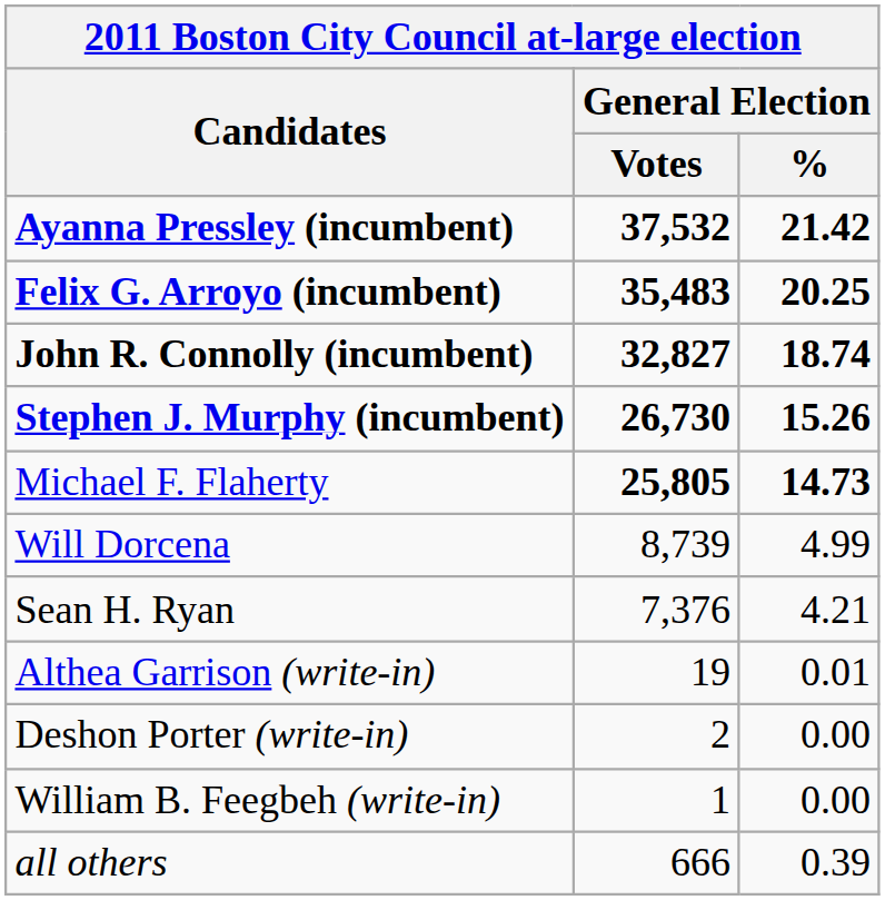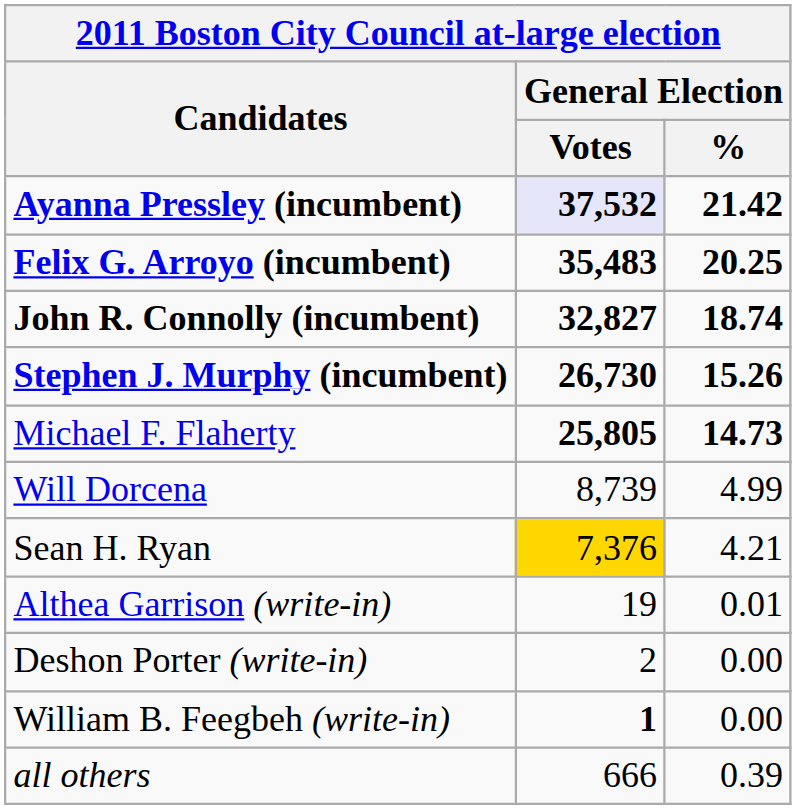 <table class=wikitable>
 <tr>
 <th colspan=3><a href='#'>2011 Boston City Council at-large election</a></th>
 </tr>
 <tr>
 <th colspan=1 rowspan=2><strong>Candidates</strong></th>
 <th colspan=2><strong>General Election</strong></th>
 </tr>
 <tr>
 <th>Votes</th>
 <th>%</th>
 </tr>
 <tr>
 <td><strong><a href='#'>Ayanna Pressley</a> (incumbent)</strong></td>
-<td align="right"><strong>37,532</strong></td>
+<td align="right" style="background: lavender;"><strong>37,532</strong></td>
 <td align="right"><strong>21.42</strong></td>
 </tr>
 <tr>
 <td><strong><a href='#'>Felix G. Arroyo</a> (incumbent)</strong></td>
 <td align="right"><strong>35,483</strong></td>
 <td align="right"><strong>20.25</strong></td>
 </tr>
 <tr>
 <td><strong>John R. Connolly (incumbent)</strong></td>
 <td align="right"><strong>32,827</strong></td>
 <td align="right"><strong>18.74</strong></td>
 </tr>
 <tr>
 <td><strong><a href='#'>Stephen J. Murphy</a> (incumbent)</strong></td>
 <td align="right"><strong>26,730</strong></td>
 <td align="right"><strong>15.26</strong></td>
 </tr>
 <tr>
 <td><a href='#'>Michael F. Flaherty</a></td>
 <td align="right"><strong>25,805</strong></td>
 <td align="right"><strong>14.73</strong></td>
 </tr>
 <tr>
 <td><a href='#'>Will Dorcena</a></td>
 <td align="right">8,739</td>
 <td align="right">4.99</td>
 </tr>
 <tr>
 <td>Sean H. Ryan</td>
-<td align="right">7,376</td>
+<td align="right" style="background: gold;">7,376</td>
 <td align="right">4.21</td>
 </tr>
 <tr>
 <td><a href='#'>Althea Garrison</a> <em>(write-in)</em></td>
 <td align="right">19</td>
 <td align="right">0.01</td>
 </tr>
 <tr>
 <td>Deshon Porter <em>(write-in)</em></td>
 <td align="right">2</td>
 <td align="right">0.00</td>
 </tr>
 <tr>
 <td>William B. Feegbeh <em>(write-in)</em></td>
-<td align="right">1</td>
+<td align="right"><strong>1</strong></td>
 <td align="right">0.00</td>
 </tr>
 <tr>
 <td><em>all others</em></td>
 <td align="right">666</td>
 <td align="right">0.39</td>
 </tr>
 </table>
